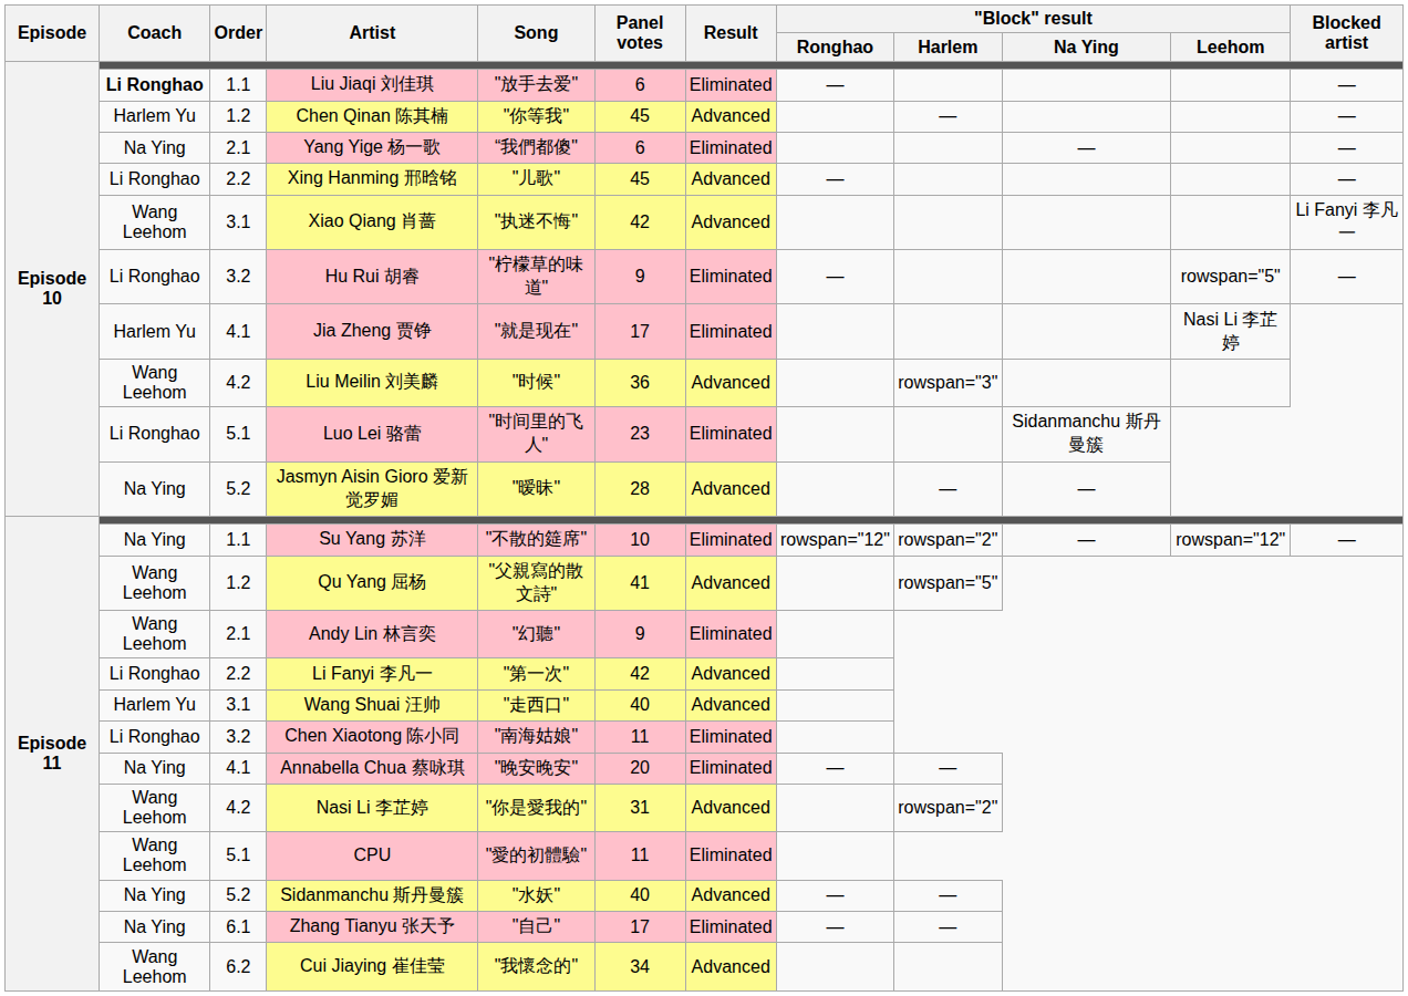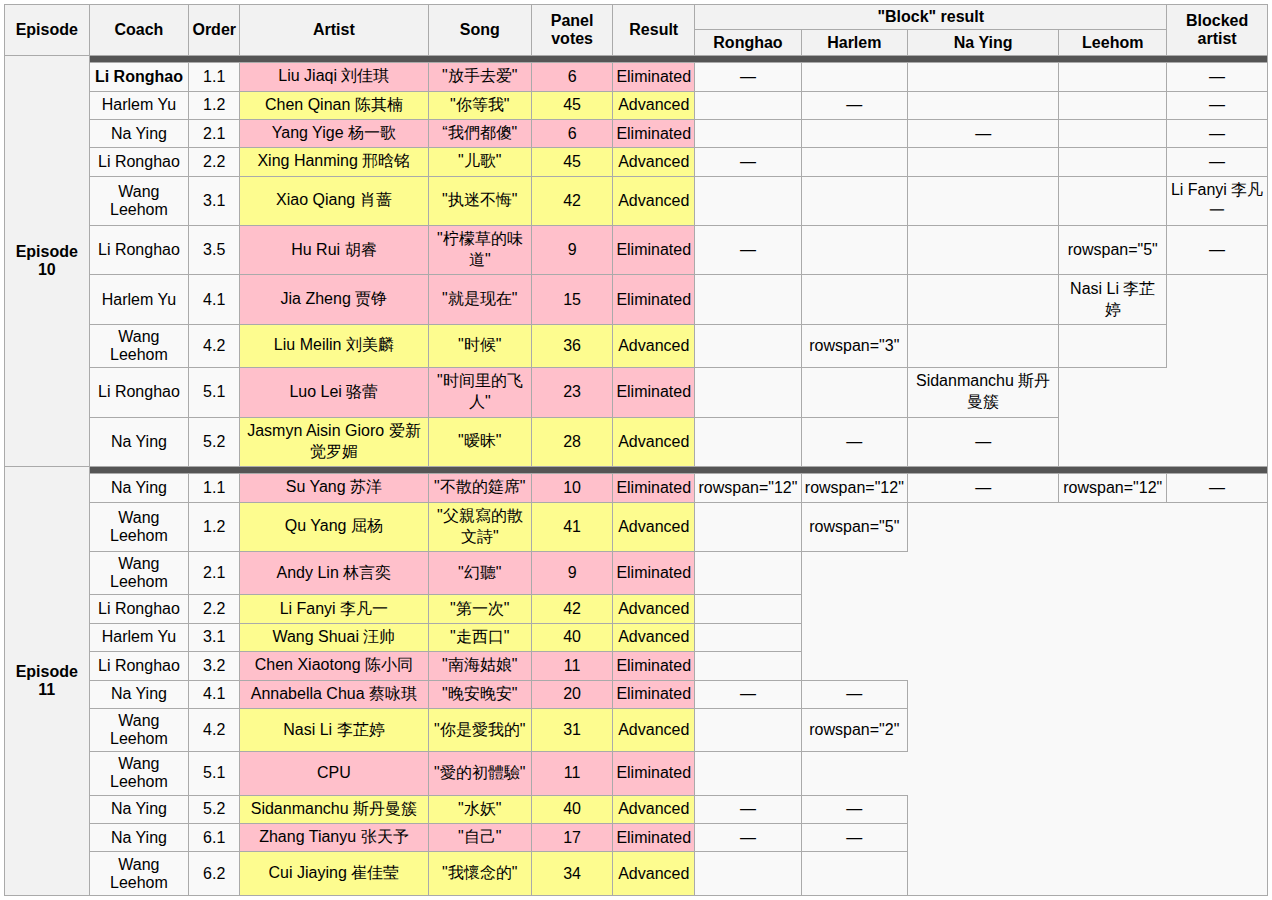 <table class="wikitable" style="text-align:center; width:100%;">
 <tr>
 <th rowspan="2">Episode</th>
 <th rowspan="2">Coach</th>
 <th rowspan="2">Order</th>
 <th rowspan="2">Artist</th>
 <th rowspan="2">Song</th>
 <th rowspan="2">Panel votes</th>
 <th rowspan="2">Result</th>
 <th colspan="4">"Block" result</th>
 <th rowspan="2">Blocked artist</th>
 </tr>
 <tr>
 <th>Ronghao</th>
 <th>Harlem</th>
 <th>Na Ying</th>
 <th>Leehom</th>
 </tr>
 <tr>
 <th rowspan="11" scope="row">Episode 10<br><small></small></th>
 <td colspan="11" style="background:#555;"></td>
 </tr>
 <tr>
 <td><strong>Li Ronghao</strong></td>
 <td>1.1</td>
 <td style="background:pink;">Liu Jiaqi 刘佳琪</td>
 <td style="background:pink;">"放手去爱"</td>
 <td style="background:pink;">6</td>
 <td style="background:pink;">Eliminated</td>
 <td>—</td>
 <td></td>
 <td></td>
 <td></td>
 <td>—</td>
 </tr>
 <tr>
 <td>Harlem Yu</td>
 <td>1.2</td>
 <td style="background:#fdfc8f;">Chen Qinan 陈其楠</td>
 <td style="background:#fdfc8f;">"你等我"</td>
 <td style="background:#fdfc8f;">45</td>
 <td style="background:#fdfc8f;">Advanced</td>
 <td></td>
 <td>—</td>
 <td></td>
 <td></td>
 <td>—</td>
 </tr>
 <tr>
 <td>Na Ying</td>
 <td>2.1</td>
 <td style="background:pink;">Yang Yige 杨一歌</td>
 <td style="background:pink;">“我們都傻"</td>
 <td style="background:pink;">6</td>
 <td style="background:pink;">Eliminated</td>
 <td></td>
 <td></td>
 <td>—</td>
 <td></td>
 <td>—</td>
 </tr>
 <tr>
 <td>Li Ronghao</td>
 <td>2.2</td>
 <td style="background:#fdfc8f;">Xing Hanming 邢晗铭</td>
 <td style="background:#fdfc8f;">"儿歌"</td>
 <td style="background:#fdfc8f;">45</td>
 <td style="background:#fdfc8f;">Advanced</td>
 <td>—</td>
 <td></td>
 <td></td>
 <td></td>
 <td>—</td>
 </tr>
 <tr>
 <td>Wang Leehom</td>
 <td>3.1</td>
 <td style="background:#fdfc8f;">Xiao Qiang 肖蔷</td>
 <td style="background:#fdfc8f;">"执迷不悔"</td>
 <td style="background:#fdfc8f;">42</td>
 <td style="background:#fdfc8f;">Advanced</td>
 <td></td>
 <td></td>
 <td></td>
 <td><strong></strong></td>
 <td>Li Fanyi 李凡一</td>
 </tr>
 <tr>
 <td>Li Ronghao</td>
-<td>3.2</td>
+<td>3.5</td>
 <td style="background:pink;">Hu Rui 胡睿</td>
 <td style="background:pink;">"柠檬草的味道"</td>
 <td style="background:pink;">9</td>
 <td style="background:pink;">Eliminated</td>
 <td>—</td>
 <td></td>
 <td></td>
 <td>rowspan="5" </td>
 <td>—</td>
 </tr>
 <tr>
 <td>Harlem Yu</td>
 <td>4.1</td>
 <td style="background:pink;">Jia Zheng 贾铮</td>
 <td style="background:pink;">"就是现在"</td>
-<td style="background:pink;">17</td>
+<td style="background:pink;">15</td>
 <td style="background:pink;">Eliminated</td>
 <td></td>
 <td><strong></strong></td>
 <td></td>
 <td>Nasi Li 李芷婷</td>
 </tr>
 <tr>
 <td>Wang Leehom</td>
 <td>4.2</td>
 <td style="background:#fdfc8f;">Liu Meilin 刘美麟</td>
 <td style="background:#fdfc8f;">"时候"</td>
 <td style="background:#fdfc8f;">36</td>
 <td style="background:#fdfc8f;">Advanced</td>
 <td></td>
 <td>rowspan="3" </td>
 <td></td>
 <td></td>
 </tr>
 <tr>
 <td>Li Ronghao</td>
 <td>5.1</td>
 <td style="background:pink;">Luo Lei 骆蕾</td>
 <td style="background:pink;">"时间里的飞人"</td>
 <td style="background:pink;">23</td>
 <td style="background:pink;">Eliminated</td>
 <td><strong></strong></td>
 <td></td>
 <td>Sidanmanchu 斯丹曼簇</td>
 </tr>
 <tr>
 <td>Na Ying</td>
 <td>5.2</td>
 <td style="background:#fdfc8f;">Jasmyn Aisin Gioro 爱新觉罗媚</td>
 <td style="background:#fdfc8f;">"暧昧"</td>
 <td style="background:#fdfc8f;">28</td>
 <td style="background:#fdfc8f;">Advanced</td>
 <td></td>
 <td>—</td>
 <td>—</td>
 </tr>
 <tr>
 <th rowspan="13" scope="row">Episode 11<br><small></small></th>
 <td colspan="11" style="background:#555;"></td>
 </tr>
 <tr>
 <td>Na Ying</td>
 <td>1.1</td>
 <td style="background:pink;">Su Yang 苏洋</td>
 <td style="background:pink;">"不散的筵席"</td>
 <td style="background:pink;">10</td>
 <td style="background:pink;">Eliminated</td>
 <td>rowspan="12" </td>
-<td>rowspan="2" </td>
+<td>rowspan="12" </td>
 <td>—</td>
 <td>rowspan="12" </td>
 <td>—</td>
 </tr>
 <tr>
 <td>Wang Leehom</td>
 <td>1.2</td>
 <td style="background:#fdfc8f;">Qu Yang 屈杨</td>
 <td style="background:#fdfc8f;">"父親寫的散文詩"</td>
 <td style="background:#fdfc8f;">41</td>
 <td style="background:#fdfc8f;">Advanced</td>
 <td></td>
 <td>rowspan="5" </td>
 </tr>
 <tr>
 <td>Wang Leehom</td>
 <td>2.1</td>
 <td style="background:pink;">Andy Lin 林言奕</td>
 <td style="background:pink;">"幻聽"</td>
 <td style="background:pink;">9</td>
 <td style="background:pink;">Eliminated</td>
 <td></td>
 </tr>
 <tr>
 <td>Li Ronghao</td>
 <td>2.2</td>
 <td style="background:#fdfc8f;">Li Fanyi 李凡一</td>
 <td style="background:#fdfc8f;">"第一次"</td>
 <td style="background:#fdfc8f;">42</td>
 <td style="background:#fdfc8f;">Advanced</td>
 <td></td>
 </tr>
 <tr>
 <td>Harlem Yu</td>
 <td>3.1</td>
 <td style="background:#fdfc8f;">Wang Shuai 汪帅</td>
 <td style="background:#fdfc8f;">"走西口"</td>
 <td style="background:#fdfc8f;">40</td>
 <td style="background:#fdfc8f;">Advanced</td>
 <td></td>
 </tr>
 <tr>
 <td>Li Ronghao</td>
 <td>3.2</td>
 <td style="background:pink;">Chen Xiaotong 陈小同</td>
 <td style="background:pink;">"南海姑娘"</td>
 <td style="background:pink;">11</td>
 <td style="background:pink;">Eliminated</td>
 <td></td>
 </tr>
 <tr>
 <td>Na Ying</td>
 <td>4.1</td>
 <td style="background:pink;">Annabella Chua 蔡咏琪</td>
 <td style="background:pink;">"晚安晚安"</td>
 <td style="background:pink;">20</td>
 <td style="background:pink;">Eliminated</td>
 <td>—</td>
 <td>—</td>
 </tr>
 <tr>
 <td>Wang Leehom</td>
 <td>4.2</td>
 <td style="background:#fdfc8f;">Nasi Li 李芷婷</td>
 <td style="background:#fdfc8f;">"你是愛我的"</td>
 <td style="background:#fdfc8f;">31</td>
 <td style="background:#fdfc8f;">Advanced</td>
 <td></td>
 <td>rowspan="2" </td>
 </tr>
 <tr>
 <td>Wang Leehom</td>
 <td>5.1</td>
 <td style="background:pink;">CPU</td>
 <td style="background:pink;">"愛的初體驗"</td>
 <td style="background:pink;">11</td>
 <td style="background:pink;">Eliminated</td>
 <td></td>
 </tr>
 <tr>
 <td>Na Ying</td>
 <td>5.2</td>
 <td style="background:#fdfc8f;">Sidanmanchu 斯丹曼簇</td>
 <td style="background:#fdfc8f;">"水妖"</td>
 <td style="background:#fdfc8f;">40</td>
 <td style="background:#fdfc8f;">Advanced</td>
 <td>—</td>
 <td>—</td>
 </tr>
 <tr>
 <td>Na Ying</td>
 <td>6.1</td>
 <td style="background:pink;">Zhang Tianyu 张天予</td>
 <td style="background:pink;">"自己"</td>
 <td style="background:pink;">17</td>
 <td style="background:pink;">Eliminated</td>
 <td>—</td>
 <td>—</td>
 </tr>
 <tr>
 <td>Wang Leehom</td>
 <td>6.2</td>
 <td style="background:#fdfc8f;">Cui Jiaying 崔佳莹</td>
 <td style="background:#fdfc8f;">"我懷念的"</td>
 <td style="background:#fdfc8f;">34</td>
 <td style="background:#fdfc8f;">Advanced</td>
 <td></td>
 <td></td>
 </tr>
 </table>
